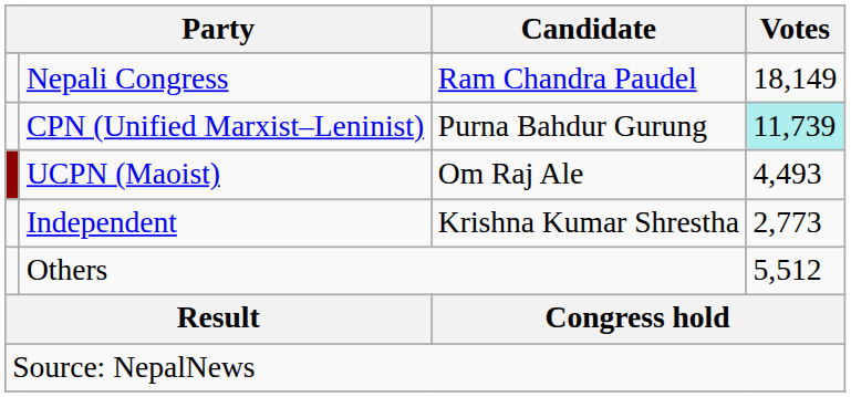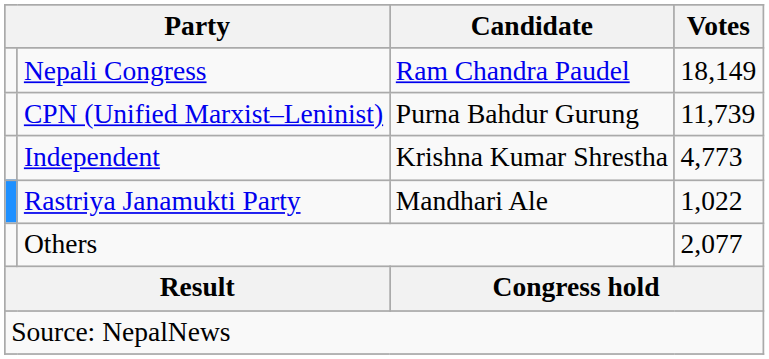 <table class="wikitable">
 <tr>
 <th colspan="2">Party</th>
 <th>Candidate</th>
 <th>Votes</th>
 </tr>
 <tr>
 <td style="background-color:"></td>
 <td><a href='#'>Nepali Congress</a></td>
 <td><a href='#'>Ram Chandra Paudel</a></td>
 <td>18,149</td>
 </tr>
 <tr>
 <td style="background-color:"></td>
 <td><a href='#'>CPN (Unified Marxist–Leninist)</a></td>
 <td>Purna Bahdur Gurung</td>
-<td style="background: paleturquoise;">11,739</td>
-</tr>
-<tr>
-<td style="background-color:darkred"></td>
-<td><a href='#'>UCPN (Maoist)</a></td>
-<td>Om Raj Ale</td>
-<td>4,493</td>
+<td>11,739</td>
 </tr>
 <tr>
 <td style="background-color:"></td>
 <td><a href='#'>Independent</a></td>
 <td>Krishna Kumar Shrestha</td>
-<td>2,773</td>
+<td>4,773</td>
+</tr>
+<tr>
+<td style="background-color:dodgerblue"></td>
+<td><a href='#'>Rastriya Janamukti Party</a></td>
+<td>Mandhari Ale</td>
+<td>1,022</td>
 </tr>
 <tr>
 <td></td>
 <td colspan="2">Others</td>
-<td>5,512</td>
+<td>2,077</td>
 </tr>
 <tr>
 <th colspan="2">Result</th>
 <th colspan="2">Congress hold</th>
 </tr>
 <tr>
 <td colspan="4">Source: NepalNews</td>
 </tr>
 </table>
